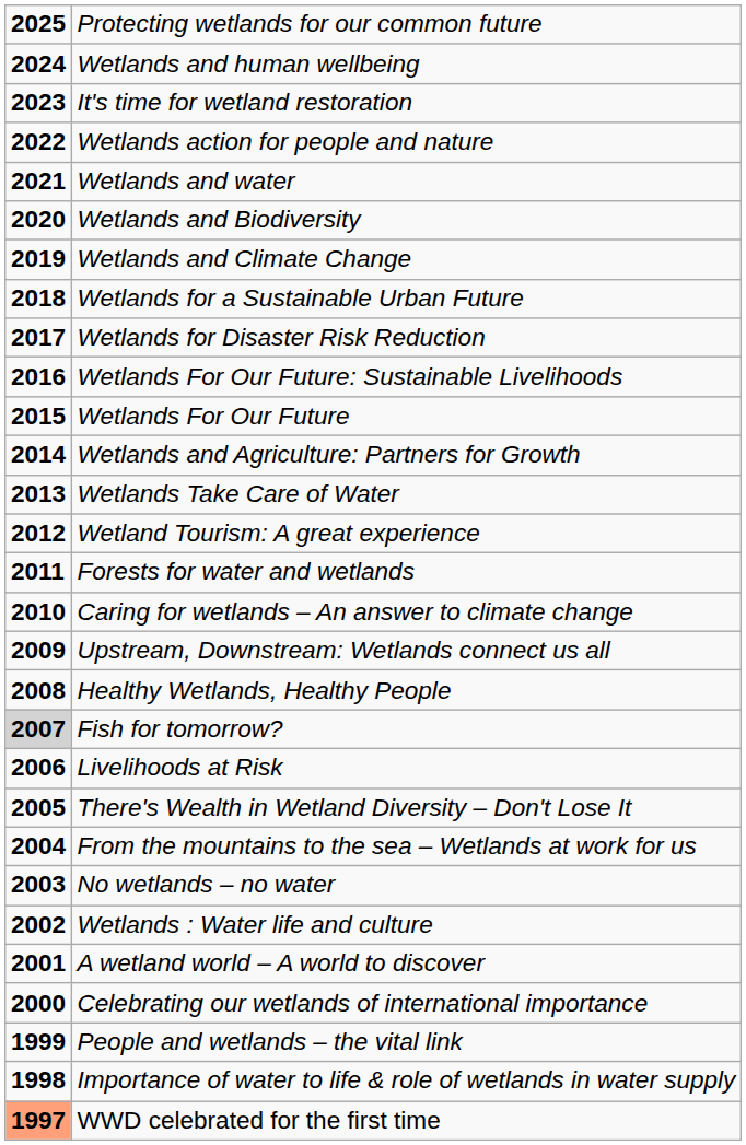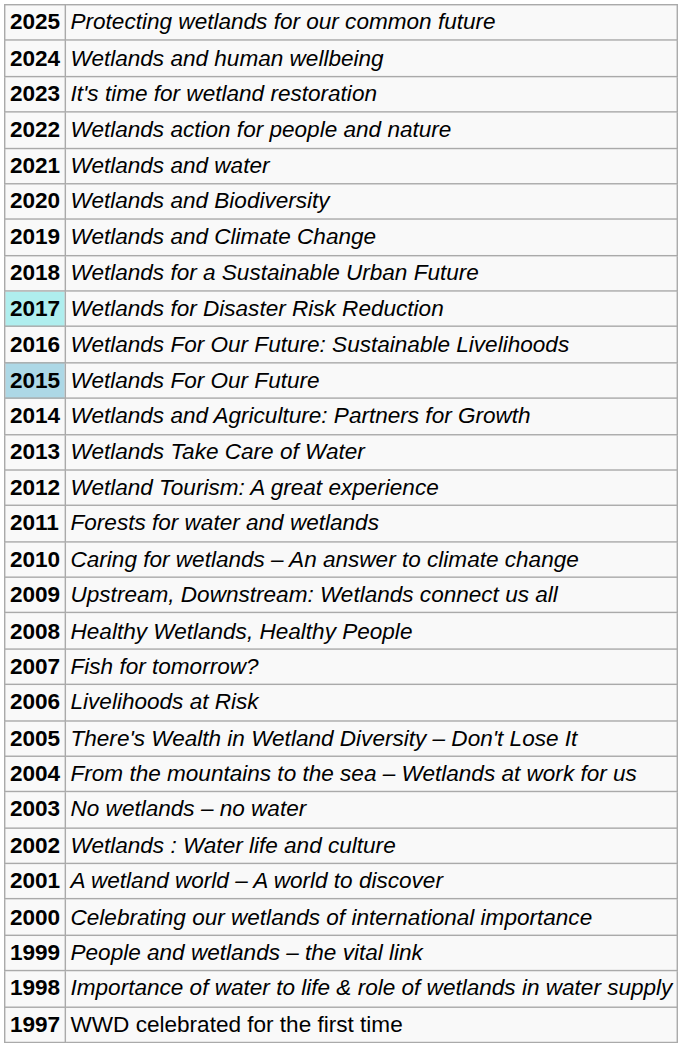 <table class="wikitable">
 <tr>
 <td><strong>2025</strong></td>
 <td><em>Protecting wetlands for our common future</em></td>
 </tr>
 <tr>
 <td><strong>2024</strong></td>
 <td><em>Wetlands and human wellbeing</em></td>
 </tr>
 <tr>
 <td><strong>2023</strong></td>
 <td><em>It's time for wetland restoration</em></td>
 </tr>
 <tr>
 <td><strong>2022</strong></td>
 <td><em>Wetlands action for people and nature</em></td>
 </tr>
 <tr>
 <td><strong>2021</strong></td>
 <td><em>Wetlands and water</em></td>
 </tr>
 <tr>
 <td><strong>2020</strong></td>
 <td><em>Wetlands and Biodiversity</em></td>
 </tr>
 <tr>
 <td><strong>2019</strong></td>
 <td><em>Wetlands and Climate Change</em></td>
 </tr>
 <tr>
 <td><strong>2018</strong></td>
 <td><em>Wetlands for a Sustainable Urban Future</em></td>
 </tr>
 <tr>
-<td><strong>2017</strong></td>
+<td style="background: paleturquoise;"><strong>2017</strong></td>
 <td><em>Wetlands for Disaster Risk Reduction</em></td>
 </tr>
 <tr>
 <td><strong>2016</strong></td>
 <td><em>Wetlands For Our Future: Sustainable Livelihoods</em></td>
 </tr>
 <tr>
-<td><strong>2015</strong></td>
+<td style="background: lightblue;"><strong>2015</strong></td>
 <td><em>Wetlands For Our Future</em></td>
 </tr>
 <tr>
 <td><strong>2014</strong></td>
 <td><em>Wetlands and Agriculture: Partners for Growth</em></td>
 </tr>
 <tr>
 <td><strong>2013</strong></td>
 <td><em>Wetlands Take Care of Water</em></td>
 </tr>
 <tr>
 <td><strong>2012</strong></td>
 <td><em>Wetland Tourism: A great experience</em></td>
 </tr>
 <tr>
 <td><strong>2011</strong></td>
 <td><em>Forests for water and wetlands</em></td>
 </tr>
 <tr>
 <td><strong>2010</strong></td>
 <td><em>Caring for wetlands – An answer to climate change</em></td>
 </tr>
 <tr>
 <td><strong>2009</strong></td>
 <td><em>Upstream, Downstream: Wetlands connect us all</em></td>
 </tr>
 <tr>
 <td><strong>2008</strong></td>
 <td><em>Healthy Wetlands, Healthy People</em></td>
 </tr>
 <tr>
-<td style="background: lightgrey;"><strong>2007</strong></td>
+<td><strong>2007</strong></td>
 <td><em>Fish for tomorrow?</em></td>
 </tr>
 <tr>
 <td><strong>2006</strong></td>
 <td><em>Livelihoods at Risk</em></td>
 </tr>
 <tr>
 <td><strong>2005</strong></td>
 <td><em>There's Wealth in Wetland Diversity – Don't Lose It</em></td>
 </tr>
 <tr>
 <td><strong>2004</strong></td>
 <td><em>From the mountains to the sea – Wetlands at work for us</em></td>
 </tr>
 <tr>
 <td><strong>2003</strong></td>
 <td><em>No wetlands – no water</em></td>
 </tr>
 <tr>
 <td><strong>2002</strong></td>
 <td><em>Wetlands : Water life and culture</em></td>
 </tr>
 <tr>
 <td><strong>2001</strong></td>
 <td><em>A wetland world – A world to discover</em></td>
 </tr>
 <tr>
 <td><strong>2000</strong></td>
 <td><em>Celebrating our wetlands of international importance</em></td>
 </tr>
 <tr>
 <td><strong>1999</strong></td>
 <td><em>People and wetlands – the vital link</em></td>
 </tr>
 <tr>
 <td><strong>1998</strong></td>
 <td><em>Importance of water to life & role of wetlands in water supply</em></td>
 </tr>
 <tr>
-<td style="background: lightsalmon;"><strong>1997</strong></td>
+<td><strong>1997</strong></td>
 <td>WWD celebrated for the first time</td>
 </tr>
 </table>
